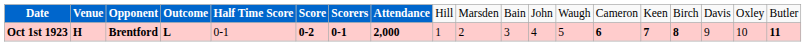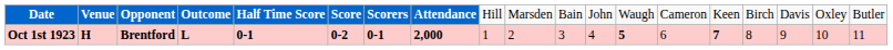 <table class="wikitable">
 <tr>
 <td style="background:#0066CC; color:#FFFFFF; text-align:center;"><strong>Date</strong></td>
 <td style="background:#0066CC; color:#FFFFFF; text-align:center;"><strong>Venue</strong></td>
 <td style="background:#0066CC; color:#FFFFFF; text-align:center;"><strong>Opponent</strong></td>
 <td style="background:#0066CC; color:#FFFFFF; text-align:center;"><strong>Outcome</strong></td>
 <td style="background:#0066CC; color:#FFFFFF; text-align:center;"><strong>Half Time Score</strong></td>
 <td style="background:#0066CC; color:#FFFFFF; text-align:center;"><strong>Score</strong></td>
 <td style="background:#0066CC; color:#FFFFFF; text-align:center;"><strong>Scorers</strong></td>
 <td style="background:#0066CC; color:#FFFFFF; text-align:center;"><strong>Attendance</strong></td>
 <td>Hill</td>
 <td>Marsden</td>
 <td>Bain</td>
 <td>John</td>
 <td>Waugh</td>
 <td>Cameron</td>
 <td>Keen</td>
 <td>Birch</td>
 <td>Davis</td>
 <td>Oxley</td>
 <td>Butler</td>
 </tr>
 <tr bgcolor="#FFCCCC">
 <td><strong>Oct 1st 1923</strong></td>
 <td><strong>H</strong></td>
 <td><strong>Brentford</strong></td>
 <td><strong>L</strong></td>
-<td>0-1</td>
+<td><strong>0-1</strong></td>
 <td><strong>0-2</strong></td>
 <td><strong>0-1</strong></td>
 <td><strong>2,000</strong></td>
 <td>1</td>
 <td>2</td>
 <td>3</td>
 <td>4</td>
-<td>5</td>
-<td><strong>6</strong></td>
+<td><strong>5</strong></td>
+<td>6</td>
 <td><strong>7</strong></td>
-<td><strong>8</strong></td>
+<td>8</td>
 <td>9</td>
 <td>10</td>
-<td><strong>11</strong></td>
+<td>11</td>
 </tr>
 </table>
